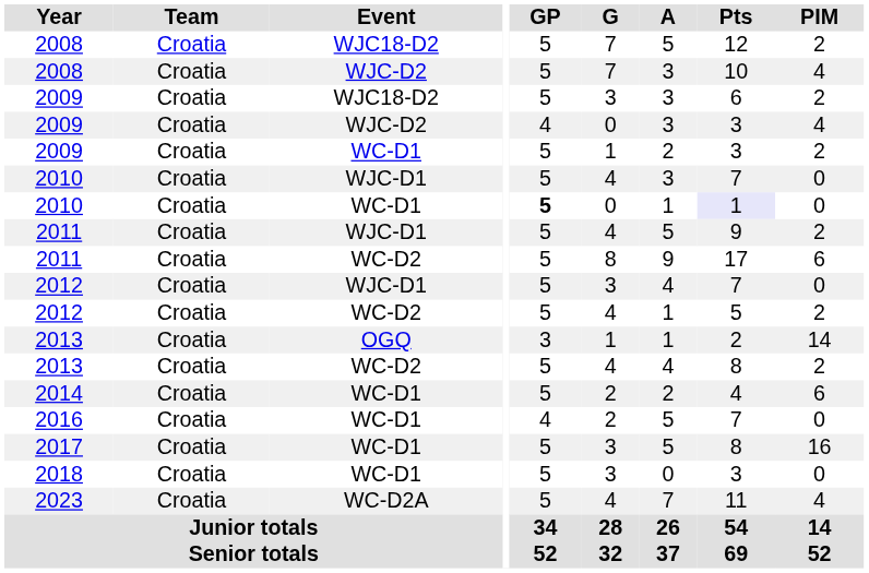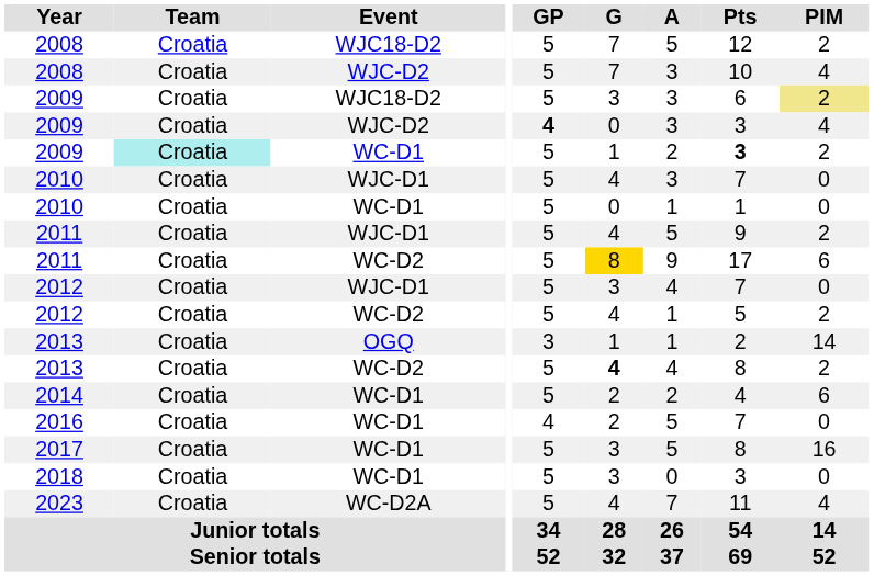 <table border="0" cellpadding="1" cellspacing="0" ID="Table3" style="text-align:center; width:40em">
 <tr bgcolor="#e0e0e0">
 <th>Year</th>
 <th>Team</th>
 <th>Event</th>
 <th rowspan="99" bgcolor="#ffffff"></th>
 <th>GP</th>
 <th>G</th>
 <th>A</th>
 <th>Pts</th>
 <th>PIM</th>
 </tr>
 <tr>
 <td><a href='#'>2008</a></td>
 <td><a href='#'>Croatia</a></td>
 <td><a href='#'>WJC18-D2</a></td>
 <td>5</td>
 <td>7</td>
 <td>5</td>
 <td>12</td>
 <td>2</td>
 </tr>
 <tr bgcolor="#f0f0f0">
 <td><a href='#'>2008</a></td>
 <td>Croatia</td>
 <td><a href='#'>WJC-D2</a></td>
 <td>5</td>
 <td>7</td>
 <td>3</td>
 <td>10</td>
 <td>4</td>
 </tr>
 <tr>
 <td><a href='#'>2009</a></td>
 <td>Croatia</td>
 <td>WJC18-D2</td>
 <td>5</td>
 <td>3</td>
 <td>3</td>
 <td>6</td>
-<td>2</td>
+<td style="background: khaki;">2</td>
 </tr>
 <tr bgcolor="#f0f0f0">
 <td><a href='#'>2009</a></td>
 <td>Croatia</td>
 <td>WJC-D2</td>
-<td>4</td>
+<td><strong>4</strong></td>
 <td>0</td>
 <td>3</td>
 <td>3</td>
 <td>4</td>
 </tr>
 <tr>
 <td><a href='#'>2009</a></td>
-<td>Croatia</td>
+<td style="background: paleturquoise;">Croatia</td>
 <td><a href='#'>WC-D1</a></td>
 <td>5</td>
 <td>1</td>
 <td>2</td>
-<td>3</td>
+<td><strong>3</strong></td>
 <td>2</td>
 </tr>
 <tr bgcolor="#f0f0f0">
 <td><a href='#'>2010</a></td>
 <td>Croatia</td>
 <td>WJC-D1</td>
 <td>5</td>
 <td>4</td>
 <td>3</td>
 <td>7</td>
 <td>0</td>
 </tr>
 <tr>
 <td><a href='#'>2010</a></td>
 <td>Croatia</td>
 <td>WC-D1</td>
-<td><strong>5</strong></td>
+<td>5</td>
 <td>0</td>
 <td>1</td>
-<td style="background: lavender;">1</td>
+<td>1</td>
 <td>0</td>
 </tr>
 <tr bgcolor="#f0f0f0">
 <td><a href='#'>2011</a></td>
 <td>Croatia</td>
 <td>WJC-D1</td>
 <td>5</td>
 <td>4</td>
 <td>5</td>
 <td>9</td>
 <td>2</td>
 </tr>
 <tr>
 <td><a href='#'>2011</a></td>
 <td>Croatia</td>
 <td>WC-D2</td>
 <td>5</td>
-<td>8</td>
+<td style="background: gold;">8</td>
 <td>9</td>
 <td>17</td>
 <td>6</td>
 </tr>
 <tr bgcolor="#f0f0f0">
 <td><a href='#'>2012</a></td>
 <td>Croatia</td>
 <td>WJC-D1</td>
 <td>5</td>
 <td>3</td>
 <td>4</td>
 <td>7</td>
 <td>0</td>
 </tr>
 <tr>
 <td><a href='#'>2012</a></td>
 <td>Croatia</td>
 <td>WC-D2</td>
 <td>5</td>
 <td>4</td>
 <td>1</td>
 <td>5</td>
 <td>2</td>
 </tr>
 <tr bgcolor="#f0f0f0">
 <td><a href='#'>2013</a></td>
 <td>Croatia</td>
 <td><a href='#'>OGQ</a></td>
 <td>3</td>
 <td>1</td>
 <td>1</td>
 <td>2</td>
 <td>14</td>
 </tr>
 <tr>
 <td><a href='#'>2013</a></td>
 <td>Croatia</td>
 <td>WC-D2</td>
 <td>5</td>
-<td>4</td>
+<td><strong>4</strong></td>
 <td>4</td>
 <td>8</td>
 <td>2</td>
 </tr>
 <tr bgcolor="#f0f0f0">
 <td><a href='#'>2014</a></td>
 <td>Croatia</td>
 <td>WC-D1</td>
 <td>5</td>
 <td>2</td>
 <td>2</td>
 <td>4</td>
 <td>6</td>
 </tr>
 <tr>
 <td><a href='#'>2016</a></td>
 <td>Croatia</td>
 <td>WC-D1</td>
 <td>4</td>
 <td>2</td>
 <td>5</td>
 <td>7</td>
 <td>0</td>
 </tr>
 <tr bgcolor="#f0f0f0">
 <td><a href='#'>2017</a></td>
 <td>Croatia</td>
 <td>WC-D1</td>
 <td>5</td>
 <td>3</td>
 <td>5</td>
 <td>8</td>
 <td>16</td>
 </tr>
 <tr>
 <td><a href='#'>2018</a></td>
 <td>Croatia</td>
 <td>WC-D1</td>
 <td>5</td>
 <td>3</td>
 <td>0</td>
 <td>3</td>
 <td>0</td>
 </tr>
 <tr bgcolor="#f0f0f0">
 <td><a href='#'>2023</a></td>
 <td>Croatia</td>
 <td>WC-D2A</td>
 <td>5</td>
 <td>4</td>
 <td>7</td>
 <td>11</td>
 <td>4</td>
 </tr>
 <tr bgcolor="#e0e0e0">
 <th colspan="3">Junior totals</th>
 <th>34</th>
 <th>28</th>
 <th>26</th>
 <th>54</th>
 <th>14</th>
 </tr>
 <tr bgcolor="#e0e0e0">
 <th colspan="3">Senior totals</th>
 <th>52</th>
 <th>32</th>
 <th>37</th>
 <th>69</th>
 <th>52</th>
 </tr>
 </table>
